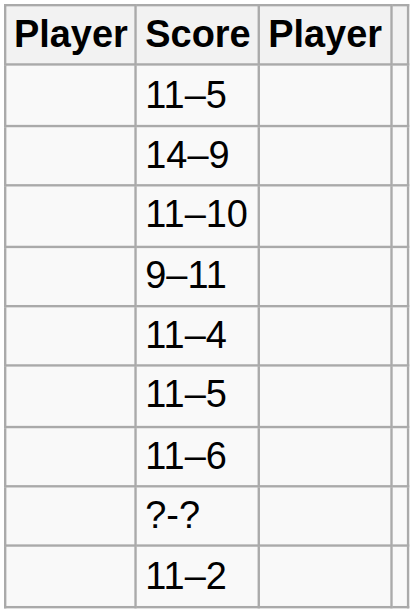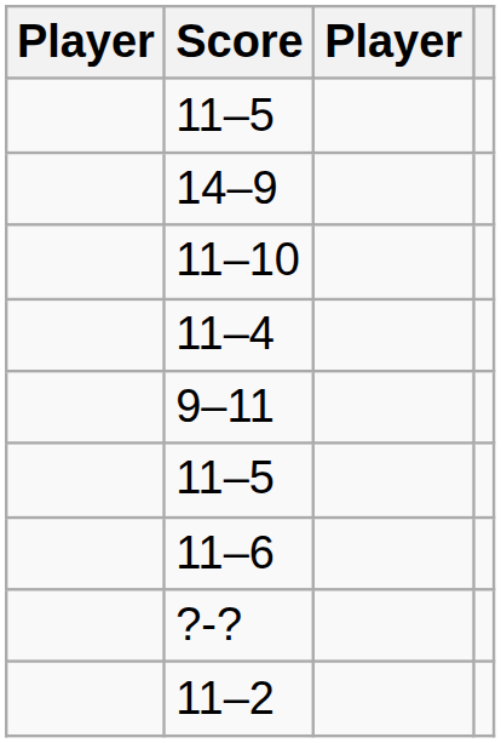 <table class="wikitable">
 <tr>
 <th>Player</th>
 <th style="text-align: center">Score</th>
 <th>Player</th>
 <th></th>
 </tr>
 <tr>
 <td></td>
 <td>11–5</td>
 <td></td>
 <td></td>
 </tr>
 <tr>
 <td></td>
 <td>14–9</td>
 <td></td>
 <td></td>
 </tr>
 <tr>
 <td></td>
 <td>11–10</td>
 <td></td>
 <td></td>
 </tr>
 <tr>
 <td></td>
-<td>9–11</td>
+<td>11–4</td>
 <td></td>
 <td></td>
 </tr>
 <tr>
 <td></td>
-<td>11–4</td>
+<td>9–11</td>
 <td></td>
 <td></td>
 </tr>
 <tr>
 <td></td>
 <td>11–5</td>
 <td></td>
 <td></td>
 </tr>
 <tr>
 <td></td>
 <td>11–6</td>
 <td></td>
 <td></td>
 </tr>
 <tr>
 <td></td>
 <td>?-?</td>
 <td></td>
 <td></td>
 </tr>
 <tr>
 <td></td>
 <td>11–2</td>
 <td></td>
 <td></td>
 </tr>
 </table>
